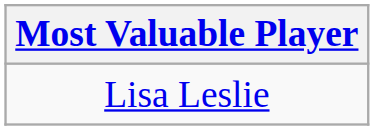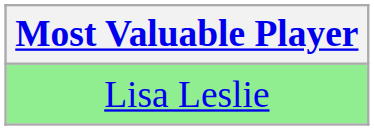 <table class=wikitable style="text-align:center; margin:auto">
 <tr>
 <th><a href='#'>Most Valuable Player</a></th>
 </tr>
 <tr>
-<td> <a href='#'>Lisa Leslie</a></td>
+<td style="background: lightgreen;"> <a href='#'>Lisa Leslie</a></td>
 </tr>
 </table>
